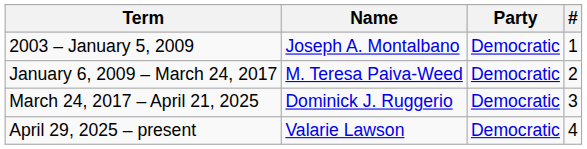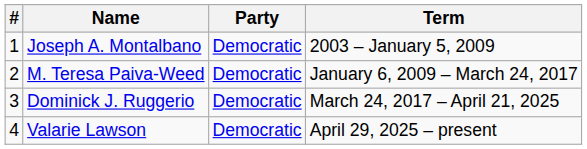 <table class=wikitable style="margin:0 0 0.5em 1em">
 <tr bgcolor=#cccccc>
-<th>Term</th>
+<th>#</th>
 <th>Name</th>
 <th>Party</th>
-<th>#</th>
+<th>Term</th>
 </tr>
 <tr>
-<td>2003 – January 5, 2009</td>
+<td>1</td>
 <td><a href='#'>Joseph A. Montalbano</a></td>
 <td><a href='#'>Democratic</a></td>
-<td>1</td>
+<td>2003 – January 5, 2009</td>
 </tr>
 <tr>
-<td>January 6, 2009 – March 24, 2017</td>
+<td>2</td>
 <td><a href='#'>M. Teresa Paiva-Weed</a></td>
 <td><a href='#'>Democratic</a></td>
-<td>2</td>
+<td>January 6, 2009 – March 24, 2017</td>
 </tr>
 <tr>
-<td>March 24, 2017 – April 21, 2025</td>
+<td>3</td>
 <td><a href='#'>Dominick J. Ruggerio</a></td>
 <td><a href='#'>Democratic</a></td>
-<td>3</td>
+<td>March 24, 2017 – April 21, 2025</td>
 </tr>
 <tr>
-<td>April 29, 2025 – present</td>
+<td>4</td>
 <td><a href='#'>Valarie Lawson</a></td>
 <td><a href='#'>Democratic</a></td>
-<td>4</td>
+<td>April 29, 2025 – present</td>
 </tr>
 </table>
